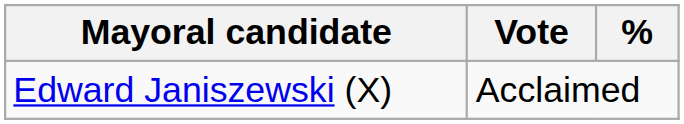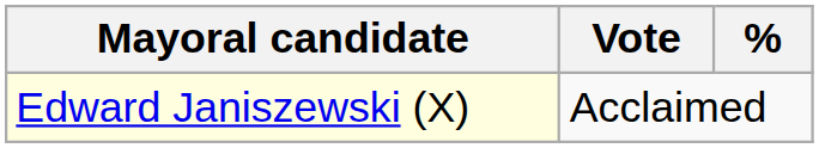 <table class="wikitable">
 <tr>
 <th bgcolor="#DDDDFF" width="200px">Mayoral candidate</th>
 <th bgcolor="#DDDDFF" width="50px">Vote</th>
 <th bgcolor="#DDDDFF"  width="30px">%</th>
 </tr>
 <tr>
-<td><a href='#'>Edward Janiszewski</a> (X)</td>
+<td style="background: lightyellow;"><a href='#'>Edward Janiszewski</a> (X)</td>
 <td colspan="2">Acclaimed</td>
 </tr>
 </table>
